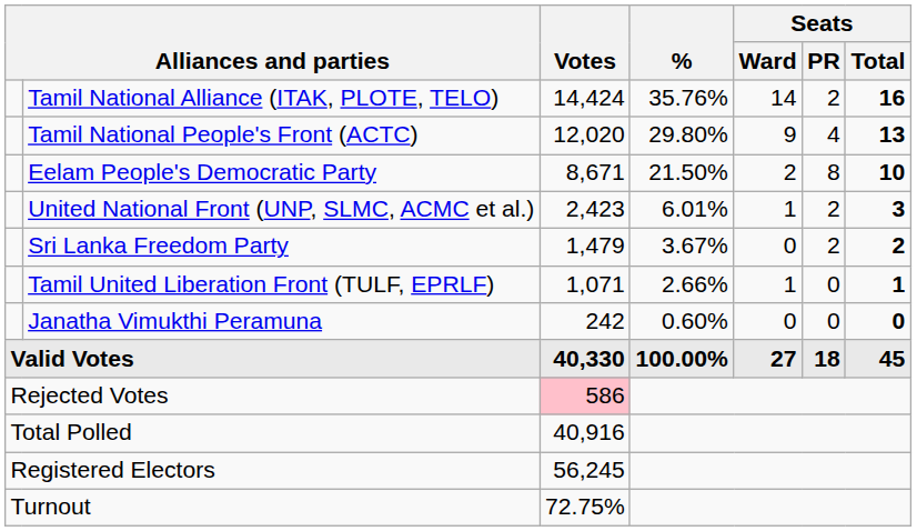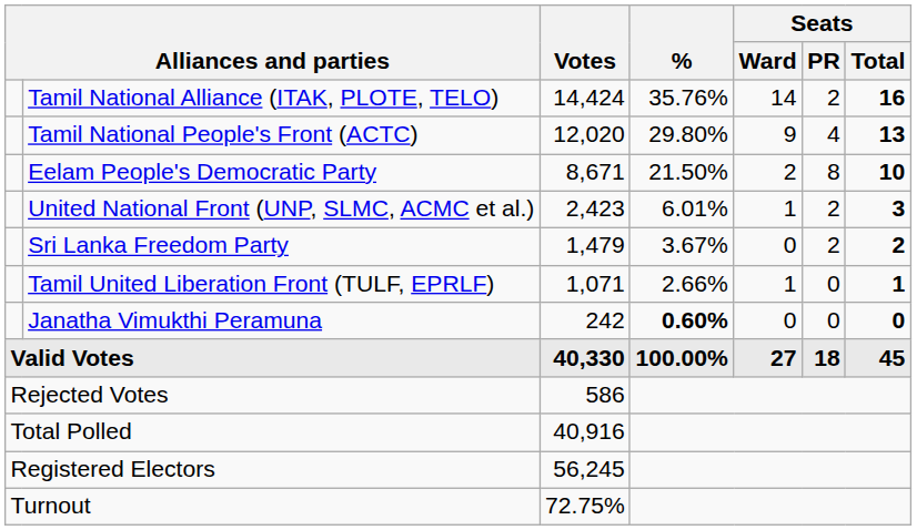 <table class="wikitable" border="1" style="text-align:right;">
 <tr>
 <th valign=bottom align=left colspan=2 rowspan=2>Alliances and parties</th>
 <th valign=bottom align=center rowspan=2>Votes</th>
 <th valign=bottom align=center rowspan=2>%</th>
 <th valign=bottom align=center colspan=3>Seats</th>
 </tr>
 <tr>
 <th>Ward</th>
 <th>PR</th>
 <th>Total</th>
 </tr>
 <tr>
 <td style="background-color:"> </td>
 <td style="text-align:left;"><a href='#'>Tamil National Alliance</a> (<a href='#'>ITAK</a>, <a href='#'>PLOTE</a>, <a href='#'>TELO</a>)</td>
 <td>14,424</td>
 <td>35.76%</td>
 <td>14</td>
 <td>2</td>
 <td><strong>16</strong></td>
 </tr>
 <tr>
 <td style="background-color:"> </td>
 <td style="text-align:left;"><a href='#'>Tamil National People's Front</a> (<a href='#'>ACTC</a>)</td>
 <td>12,020</td>
 <td>29.80%</td>
 <td>9</td>
 <td>4</td>
 <td><strong>13</strong></td>
 </tr>
 <tr>
 <td style="background-color:"> </td>
 <td style="text-align:left;"><a href='#'>Eelam People's Democratic Party</a></td>
 <td>8,671</td>
 <td>21.50%</td>
 <td>2</td>
 <td>8</td>
 <td><strong>10</strong></td>
 </tr>
 <tr>
 <td style="background-color:"> </td>
 <td style="text-align:left;"><a href='#'>United National Front</a> (<a href='#'>UNP</a>, <a href='#'>SLMC</a>, <a href='#'>ACMC</a> et al.)</td>
 <td>2,423</td>
 <td>6.01%</td>
 <td>1</td>
 <td>2</td>
 <td><strong>3</strong></td>
 </tr>
 <tr>
 <td style="background-color:"> </td>
 <td style="text-align:left;"><a href='#'>Sri Lanka Freedom Party</a></td>
 <td>1,479</td>
 <td>3.67%</td>
 <td>0</td>
 <td>2</td>
 <td><strong>2</strong></td>
 </tr>
 <tr>
 <td style="background-color:"> </td>
 <td style="text-align:left;"><a href='#'>Tamil United Liberation Front</a> (TULF, <a href='#'>EPRLF</a>)</td>
 <td>1,071</td>
 <td>2.66%</td>
 <td>1</td>
 <td>0</td>
 <td><strong>1</strong></td>
 </tr>
 <tr>
 <td style="background-color:"> </td>
 <td style="text-align:left;"><a href='#'>Janatha Vimukthi Peramuna</a></td>
 <td>242</td>
-<td>0.60%</td>
+<td><strong>0.60%</strong></td>
 <td>0</td>
 <td>0</td>
 <td><strong>0</strong></td>
 </tr>
 <tr style="background-color:#E9E9E9; font-weight:bold">
 <td colspan=2 style="text-align:left;">Valid Votes</td>
 <td>40,330</td>
 <td>100.00%</td>
 <td>27</td>
 <td>18</td>
 <td>45</td>
 </tr>
 <tr>
 <td colspan=2 style="text-align:left;">Rejected Votes</td>
-<td style="background: pink;">586</td>
+<td>586</td>
 <td colspan=4></td>
 </tr>
 <tr>
 <td colspan=2 style="text-align:left;">Total Polled</td>
 <td>40,916</td>
 <td colspan=4></td>
 </tr>
 <tr>
 <td colspan=2 style="text-align:left;">Registered Electors</td>
 <td>56,245</td>
 <td colspan=42></td>
 </tr>
 <tr>
 <td colspan=2 style="text-align:left;">Turnout</td>
 <td>72.75%</td>
 <td colspan=4></td>
 </tr>
 </table>
